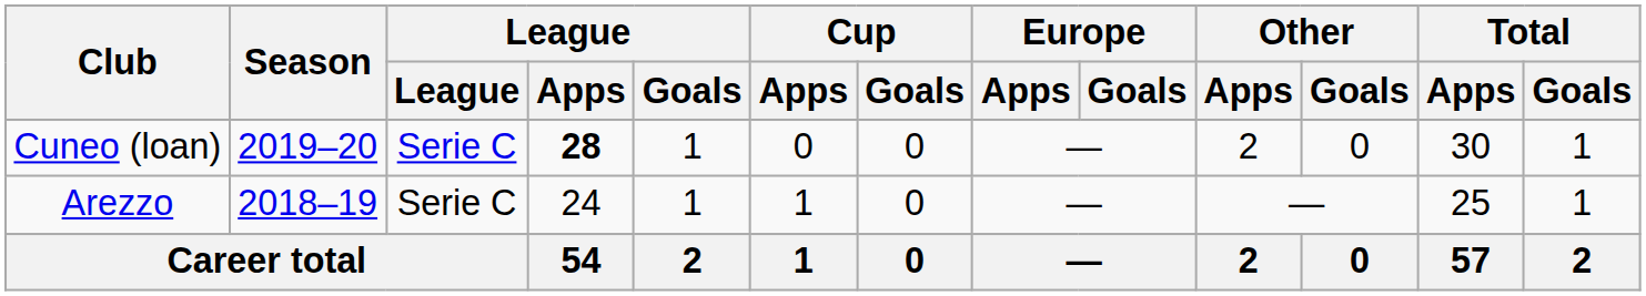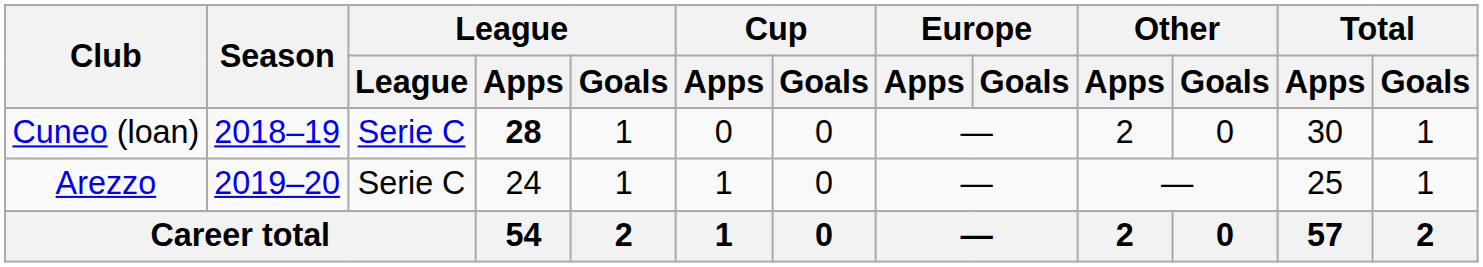 <table class="wikitable" style="text-align:center">
 <tr>
 <th rowspan="2">Club</th>
 <th rowspan="2">Season</th>
 <th colspan="3">League</th>
 <th colspan="2">Cup</th>
 <th colspan="2">Europe</th>
 <th colspan="2">Other</th>
 <th colspan="2">Total</th>
 </tr>
 <tr>
 <th>League</th>
 <th>Apps</th>
 <th>Goals</th>
 <th>Apps</th>
 <th>Goals</th>
 <th>Apps</th>
 <th>Goals</th>
 <th>Apps</th>
 <th>Goals</th>
 <th>Apps</th>
 <th>Goals</th>
 </tr>
 <tr>
 <td><a href='#'>Cuneo</a> (loan)</td>
-<td><a href='#'>2019–20</a></td>
+<td><a href='#'>2018–19</a></td>
 <td><a href='#'>Serie C</a></td>
 <td><strong>28</strong></td>
 <td>1</td>
 <td>0</td>
 <td>0</td>
 <td colspan="2">—</td>
 <td>2</td>
 <td>0</td>
 <td>30</td>
 <td>1</td>
 </tr>
 <tr>
 <td><a href='#'>Arezzo</a></td>
-<td><a href='#'>2018–19</a></td>
+<td><a href='#'>2019–20</a></td>
 <td>Serie C</td>
 <td>24</td>
 <td>1</td>
 <td>1</td>
 <td>0</td>
 <td colspan="2">—</td>
 <td colspan="2">—</td>
 <td>25</td>
 <td>1</td>
 </tr>
 <tr>
 <th colspan="3">Career total</th>
 <th>54</th>
 <th>2</th>
 <th>1</th>
 <th>0</th>
 <th colspan="2">—</th>
 <th>2</th>
 <th>0</th>
 <th>57</th>
 <th>2</th>
 </tr>
 </table>
